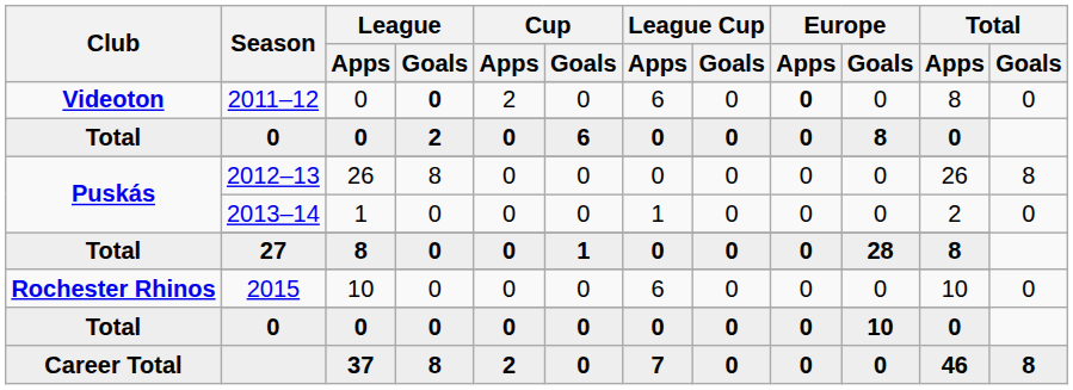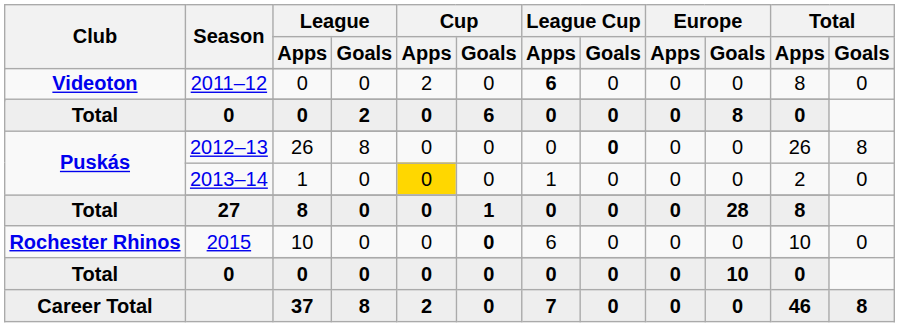 <table class="wikitable" style="font-size:90%; text-align: center;">
 <tr>
 <th rowspan="2">Club</th>
 <th rowspan="2">Season</th>
 <th colspan="2">League</th>
 <th colspan="2">Cup</th>
 <th colspan="2">League Cup</th>
 <th colspan="2">Europe</th>
 <th colspan="2">Total</th>
 </tr>
 <tr>
 <th>Apps</th>
 <th>Goals</th>
 <th>Apps</th>
 <th>Goals</th>
 <th>Apps</th>
 <th>Goals</th>
 <th>Apps</th>
 <th>Goals</th>
 <th>Apps</th>
 <th>Goals</th>
 </tr>
 <tr ||-||-||-|->
 <td rowspan="3" valign="center"><strong><a href='#'>Videoton</a></strong></td>
 </tr>
 <tr>
 <td><a href='#'>2011–12</a></td>
 <td>0</td>
-<td><strong>0</strong></td>
+<td>0</td>
 <td>2</td>
 <td>0</td>
-<td>6</td>
+<td><strong>6</strong></td>
 <td>0</td>
-<td><strong>0</strong></td>
+<td>0</td>
 <td>0</td>
 <td>8</td>
 <td>0</td>
 </tr>
 <tr>
 </tr>
 <tr style="font-weight:bold; background-color:#eeeeee;">
 <td>Total</td>
 <td>0</td>
 <td>0</td>
 <td>2</td>
 <td>0</td>
 <td>6</td>
 <td>0</td>
 <td>0</td>
 <td>0</td>
 <td>8</td>
 <td>0</td>
 </tr>
 <tr>
 <td rowspan="4" valign="center"><strong><a href='#'>Puskás</a></strong></td>
 </tr>
 <tr>
 <td><a href='#'>2012–13</a></td>
 <td>26</td>
 <td>8</td>
 <td>0</td>
 <td>0</td>
 <td>0</td>
-<td>0</td>
+<td><strong>0</strong></td>
 <td>0</td>
 <td>0</td>
 <td>26</td>
 <td>8</td>
 </tr>
 <tr>
 <td><a href='#'>2013–14</a></td>
 <td>1</td>
 <td>0</td>
-<td>0</td>
+<td style="background: gold;">0</td>
 <td>0</td>
 <td>1</td>
 <td>0</td>
 <td>0</td>
 <td>0</td>
 <td>2</td>
 <td>0</td>
 </tr>
 <tr>
 </tr>
 <tr style="font-weight:bold; background-color:#eeeeee;">
 <td>Total</td>
 <td>27</td>
 <td>8</td>
 <td>0</td>
 <td>0</td>
 <td>1</td>
 <td>0</td>
 <td>0</td>
 <td>0</td>
 <td>28</td>
 <td>8</td>
 </tr>
 <tr>
 <td rowspan="3" valign="center"><strong><a href='#'>Rochester Rhinos</a></strong></td>
 </tr>
 <tr>
 <td><a href='#'>2015</a></td>
 <td>10</td>
 <td>0</td>
 <td>0</td>
-<td>0</td>
+<td><strong>0</strong></td>
 <td>6</td>
 <td>0</td>
 <td>0</td>
 <td>0</td>
 <td>10</td>
 <td>0</td>
 </tr>
 <tr>
 </tr>
 <tr style="font-weight:bold; background-color:#eeeeee;">
 <td>Total</td>
 <td>0</td>
 <td>0</td>
 <td>0</td>
 <td>0</td>
 <td>0</td>
 <td>0</td>
 <td>0</td>
 <td>0</td>
 <td>10</td>
 <td>0</td>
 </tr>
 <tr style="font-weight:bold; background-color:#eeeeee;">
 <td rowspan="2" valign="top"><strong>Career Total</strong></td>
 <td></td>
 <td><strong>37</strong></td>
 <td><strong>8</strong></td>
 <td><strong>2</strong></td>
 <td><strong>0</strong></td>
 <td><strong>7</strong></td>
 <td><strong>0</strong></td>
 <td><strong>0</strong></td>
 <td><strong>0</strong></td>
 <td><strong>46</strong></td>
 <td><strong>8</strong></td>
 </tr>
 </table>
